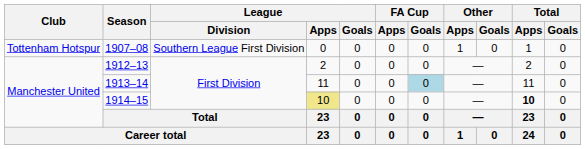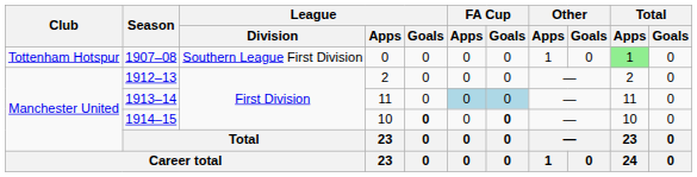 <table class="wikitable" style="text-align:center">
 <tr>
 <th rowspan="2">Club</th>
 <th rowspan="2">Season</th>
 <th colspan="3">League</th>
 <th colspan="2">FA Cup</th>
 <th colspan="2">Other</th>
 <th colspan="2">Total</th>
 </tr>
 <tr>
 <th>Division</th>
 <th>Apps</th>
 <th>Goals</th>
 <th>Apps</th>
 <th>Goals</th>
 <th>Apps</th>
 <th>Goals</th>
 <th>Apps</th>
 <th>Goals</th>
 </tr>
 <tr>
 <td><a href='#'>Tottenham Hotspur</a></td>
 <td><a href='#'>1907–08</a></td>
 <td><a href='#'>Southern League</a> First Division</td>
 <td>0</td>
 <td>0</td>
 <td>0</td>
 <td>0</td>
 <td>1</td>
 <td>0</td>
-<td>1</td>
+<td style="background: lightgreen;">1</td>
 <td>0</td>
 </tr>
 <tr>
 <td rowspan="4"><a href='#'>Manchester United</a></td>
 <td><a href='#'>1912–13</a></td>
 <td rowspan="3"><a href='#'>First Division</a></td>
 <td>2</td>
 <td>0</td>
 <td>0</td>
 <td>0</td>
 <td colspan="2">—</td>
 <td>2</td>
 <td>0</td>
 </tr>
 <tr>
 <td><a href='#'>1913–14</a></td>
 <td>11</td>
 <td>0</td>
-<td>0</td>
+<td style="background: lightblue;">0</td>
 <td style="background: lightblue;">0</td>
 <td colspan="2">—</td>
 <td>11</td>
 <td>0</td>
 </tr>
 <tr>
 <td><a href='#'>1914–15</a></td>
-<td style="background: khaki;">10</td>
+<td>10</td>
+<td><strong>0</strong></td>
 <td>0</td>
-<td>0</td>
-<td>0</td>
+<td><strong>0</strong></td>
 <td colspan="2">—</td>
-<td><strong>10</strong></td>
+<td>10</td>
 <td>0</td>
 </tr>
 <tr>
 <th colspan="2">Total</th>
 <th>23</th>
 <th>0</th>
 <th>0</th>
 <th>0</th>
 <th colspan="2">—</th>
 <th>23</th>
 <th>0</th>
 </tr>
 <tr>
 <th colspan="3">Career total</th>
 <th>23</th>
 <th>0</th>
 <th>0</th>
 <th>0</th>
 <th>1</th>
 <th>0</th>
 <th>24</th>
 <th>0</th>
 </tr>
 </table>
